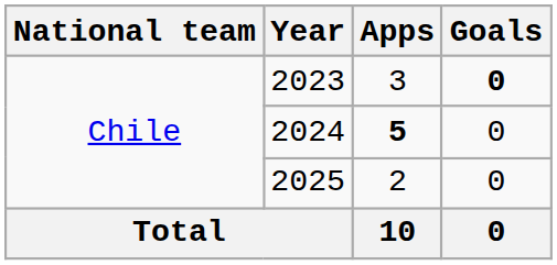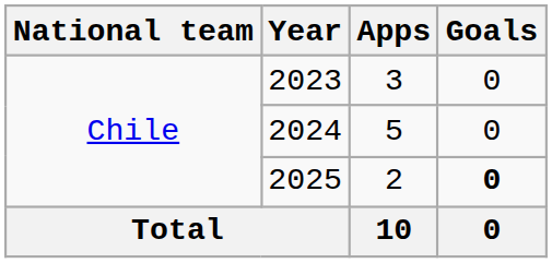 <table class=wikitable style=text-align:center>
 <tr>
 <th>National team</th>
 <th>Year</th>
 <th>Apps</th>
 <th>Goals</th>
 </tr>
 <tr>
 <td rowspan="3"><a href='#'>Chile</a></td>
 <td>2023</td>
 <td>3</td>
-<td><strong>0</strong></td>
+<td>0</td>
 </tr>
 <tr>
 <td>2024</td>
-<td><strong>5</strong></td>
+<td>5</td>
 <td>0</td>
 </tr>
 <tr>
 <td>2025</td>
 <td>2</td>
-<td>0</td>
+<td><strong>0</strong></td>
 </tr>
 <tr>
 <th colspan="2">Total</th>
 <th>10</th>
 <th>0</th>
 </tr>
 </table>
